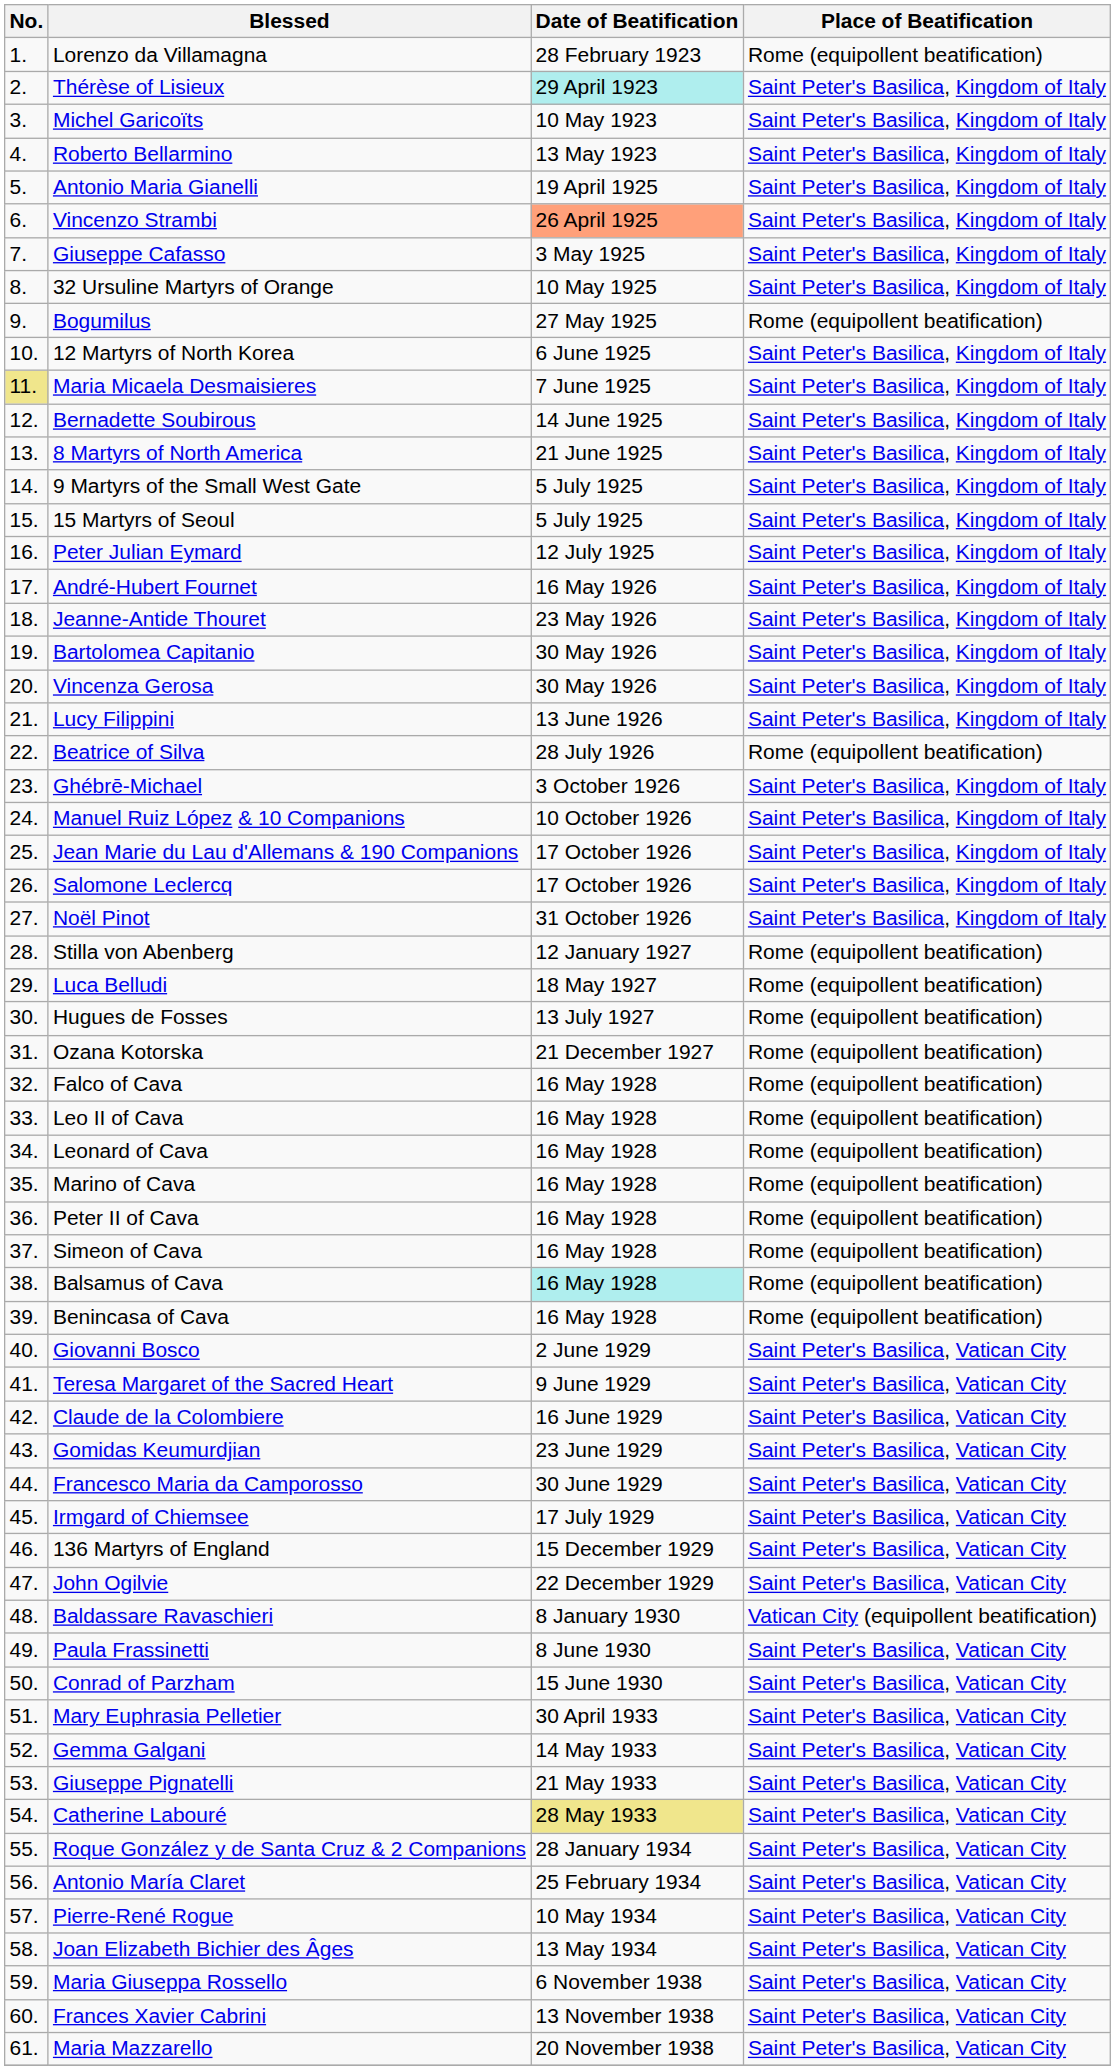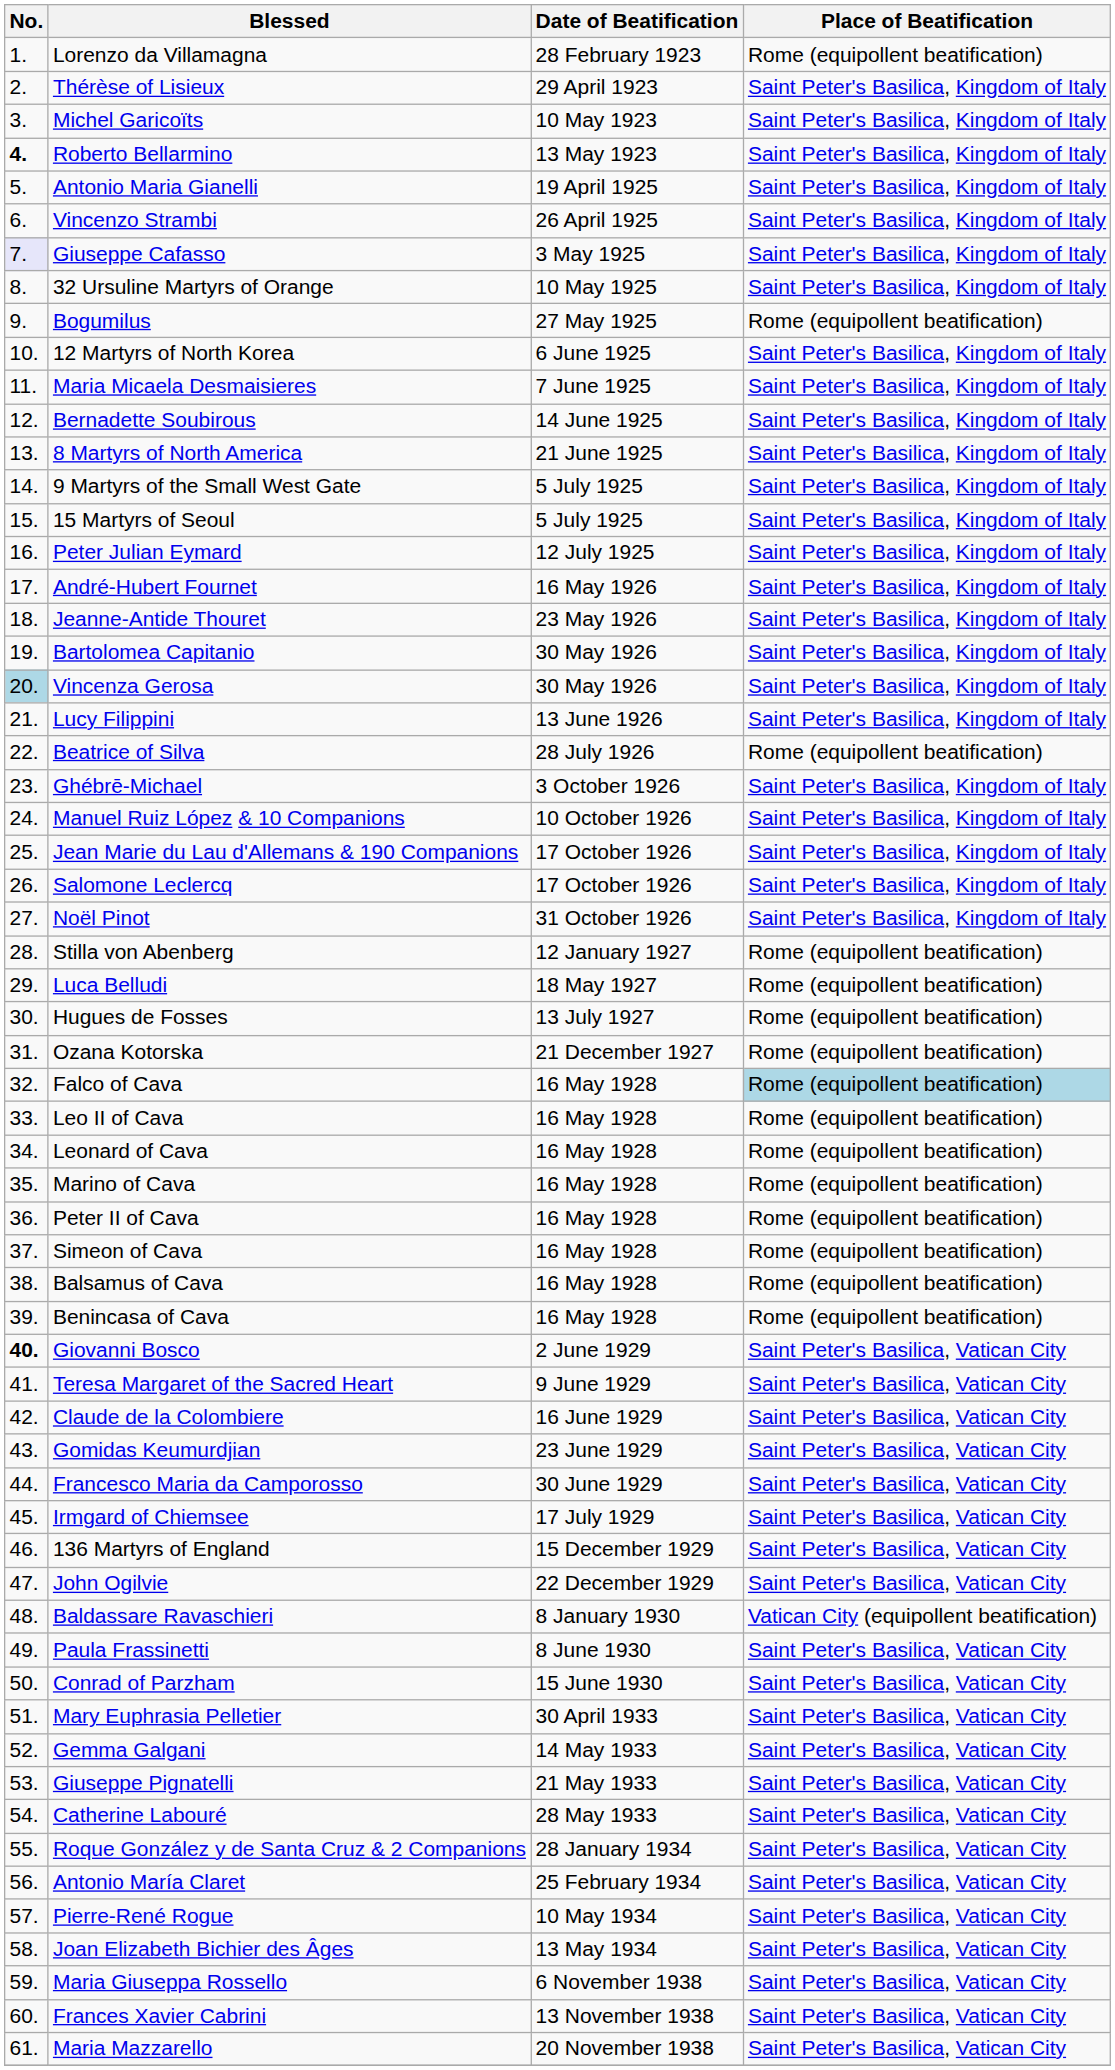 <table class="wikitable">
 <tr>
 <th>No.</th>
 <th>Blessed</th>
 <th>Date of Beatification</th>
 <th>Place of Beatification</th>
 </tr>
 <tr>
 <td>1.</td>
 <td>Lorenzo da Villamagna</td>
 <td>28 February 1923</td>
 <td>Rome (equipollent beatification)</td>
 </tr>
 <tr>
 <td>2.</td>
 <td><a href='#'>Thérèse of Lisieux</a></td>
-<td style="background: paleturquoise;">29 April 1923</td>
+<td>29 April 1923</td>
 <td><a href='#'>Saint Peter's Basilica</a>, <a href='#'>Kingdom of Italy</a></td>
 </tr>
 <tr>
 <td>3.</td>
 <td><a href='#'>Michel Garicoïts</a></td>
 <td>10 May 1923</td>
 <td><a href='#'>Saint Peter's Basilica</a>, <a href='#'>Kingdom of Italy</a></td>
 </tr>
 <tr>
-<td>4.</td>
+<td><strong>4.</strong></td>
 <td><a href='#'>Roberto Bellarmino</a></td>
 <td>13 May 1923</td>
 <td><a href='#'>Saint Peter's Basilica</a>, <a href='#'>Kingdom of Italy</a></td>
 </tr>
 <tr>
 <td>5.</td>
 <td><a href='#'>Antonio Maria Gianelli</a></td>
 <td>19 April 1925</td>
 <td><a href='#'>Saint Peter's Basilica</a>, <a href='#'>Kingdom of Italy</a></td>
 </tr>
 <tr>
 <td>6.</td>
 <td><a href='#'>Vincenzo Strambi</a></td>
-<td style="background: lightsalmon;">26 April 1925</td>
+<td>26 April 1925</td>
 <td><a href='#'>Saint Peter's Basilica</a>, <a href='#'>Kingdom of Italy</a></td>
 </tr>
 <tr>
-<td>7.</td>
+<td style="background: lavender;">7.</td>
 <td><a href='#'>Giuseppe Cafasso</a></td>
 <td>3 May 1925</td>
 <td><a href='#'>Saint Peter's Basilica</a>, <a href='#'>Kingdom of Italy</a></td>
 </tr>
 <tr>
 <td>8.</td>
 <td>32 Ursuline Martyrs of Orange</td>
 <td>10 May 1925</td>
 <td><a href='#'>Saint Peter's Basilica</a>, <a href='#'>Kingdom of Italy</a></td>
 </tr>
 <tr>
 <td>9.</td>
 <td><a href='#'>Bogumilus</a></td>
 <td>27 May 1925</td>
 <td>Rome (equipollent beatification)</td>
 </tr>
 <tr>
 <td>10.</td>
 <td>12 Martyrs of North Korea</td>
 <td>6 June 1925</td>
 <td><a href='#'>Saint Peter's Basilica</a>, <a href='#'>Kingdom of Italy</a></td>
 </tr>
 <tr>
-<td style="background: khaki;">11.</td>
+<td>11.</td>
 <td><a href='#'>Maria Micaela Desmaisieres</a></td>
 <td>7 June 1925</td>
 <td><a href='#'>Saint Peter's Basilica</a>, <a href='#'>Kingdom of Italy</a></td>
 </tr>
 <tr>
 <td>12.</td>
 <td><a href='#'>Bernadette Soubirous</a></td>
 <td>14 June 1925</td>
 <td><a href='#'>Saint Peter's Basilica</a>, <a href='#'>Kingdom of Italy</a></td>
 </tr>
 <tr>
 <td>13.</td>
 <td><a href='#'>8 Martyrs of North America</a></td>
 <td>21 June 1925</td>
 <td><a href='#'>Saint Peter's Basilica</a>, <a href='#'>Kingdom of Italy</a></td>
 </tr>
 <tr>
 <td>14.</td>
 <td>9 Martyrs of the Small West Gate</td>
 <td>5 July 1925</td>
 <td><a href='#'>Saint Peter's Basilica</a>, <a href='#'>Kingdom of Italy</a></td>
 </tr>
 <tr>
 <td>15.</td>
 <td>15 Martyrs of Seoul</td>
 <td>5 July 1925</td>
 <td><a href='#'>Saint Peter's Basilica</a>, <a href='#'>Kingdom of Italy</a></td>
 </tr>
 <tr>
 <td>16.</td>
 <td><a href='#'>Peter Julian Eymard</a></td>
 <td>12 July 1925</td>
 <td><a href='#'>Saint Peter's Basilica</a>, <a href='#'>Kingdom of Italy</a></td>
 </tr>
 <tr>
 <td>17.</td>
 <td><a href='#'>André-Hubert Fournet</a></td>
 <td>16 May 1926</td>
 <td><a href='#'>Saint Peter's Basilica</a>, <a href='#'>Kingdom of Italy</a></td>
 </tr>
 <tr>
 <td>18.</td>
 <td><a href='#'>Jeanne-Antide Thouret</a></td>
 <td>23 May 1926</td>
 <td><a href='#'>Saint Peter's Basilica</a>, <a href='#'>Kingdom of Italy</a></td>
 </tr>
 <tr>
 <td>19.</td>
 <td><a href='#'>Bartolomea Capitanio</a></td>
 <td>30 May 1926</td>
 <td><a href='#'>Saint Peter's Basilica</a>, <a href='#'>Kingdom of Italy</a></td>
 </tr>
 <tr>
-<td>20.</td>
+<td style="background: lightblue;">20.</td>
 <td><a href='#'>Vincenza Gerosa</a></td>
 <td>30 May 1926</td>
 <td><a href='#'>Saint Peter's Basilica</a>, <a href='#'>Kingdom of Italy</a></td>
 </tr>
 <tr>
 <td>21.</td>
 <td><a href='#'>Lucy Filippini</a></td>
 <td>13 June 1926</td>
 <td><a href='#'>Saint Peter's Basilica</a>, <a href='#'>Kingdom of Italy</a></td>
 </tr>
 <tr>
 <td>22.</td>
 <td><a href='#'>Beatrice of Silva</a></td>
 <td>28 July 1926</td>
 <td>Rome (equipollent beatification)</td>
 </tr>
 <tr>
 <td>23.</td>
 <td><a href='#'>Ghébrē-Michael</a></td>
 <td>3 October 1926</td>
 <td><a href='#'>Saint Peter's Basilica</a>, <a href='#'>Kingdom of Italy</a></td>
 </tr>
 <tr>
 <td>24.</td>
 <td><a href='#'>Manuel Ruiz López</a> <a href='#'>& 10 Companions</a></td>
 <td>10 October 1926</td>
 <td><a href='#'>Saint Peter's Basilica</a>, <a href='#'>Kingdom of Italy</a></td>
 </tr>
 <tr>
 <td>25.</td>
 <td><a href='#'>Jean Marie du Lau d'Allemans & 190 Companions</a></td>
 <td>17 October 1926</td>
 <td><a href='#'>Saint Peter's Basilica</a>, <a href='#'>Kingdom of Italy</a></td>
 </tr>
 <tr>
 <td>26.</td>
 <td><a href='#'>Salomone Leclercq</a></td>
 <td>17 October 1926</td>
 <td><a href='#'>Saint Peter's Basilica</a>, <a href='#'>Kingdom of Italy</a></td>
 </tr>
 <tr>
 <td>27.</td>
 <td><a href='#'>Noël Pinot</a></td>
 <td>31 October 1926</td>
 <td><a href='#'>Saint Peter's Basilica</a>, <a href='#'>Kingdom of Italy</a></td>
 </tr>
 <tr>
 <td>28.</td>
 <td>Stilla von Abenberg</td>
 <td>12 January 1927</td>
 <td>Rome (equipollent beatification)</td>
 </tr>
 <tr>
 <td>29.</td>
 <td><a href='#'>Luca Belludi</a></td>
 <td>18 May 1927</td>
 <td>Rome (equipollent beatification)</td>
 </tr>
 <tr>
 <td>30.</td>
 <td>Hugues de Fosses</td>
 <td>13 July 1927</td>
 <td>Rome (equipollent beatification)</td>
 </tr>
 <tr>
 <td>31.</td>
 <td>Ozana Kotorska</td>
 <td>21 December 1927</td>
 <td>Rome (equipollent beatification)</td>
 </tr>
 <tr>
 <td>32.</td>
 <td>Falco of Cava</td>
 <td>16 May 1928</td>
-<td>Rome (equipollent beatification)</td>
+<td style="background: lightblue;">Rome (equipollent beatification)</td>
 </tr>
 <tr>
 <td>33.</td>
 <td>Leo II of Cava</td>
 <td>16 May 1928</td>
 <td>Rome (equipollent beatification)</td>
 </tr>
 <tr>
 <td>34.</td>
 <td>Leonard of Cava</td>
 <td>16 May 1928</td>
 <td>Rome (equipollent beatification)</td>
 </tr>
 <tr>
 <td>35.</td>
 <td>Marino of Cava</td>
 <td>16 May 1928</td>
 <td>Rome (equipollent beatification)</td>
 </tr>
 <tr>
 <td>36.</td>
 <td>Peter II of Cava</td>
 <td>16 May 1928</td>
 <td>Rome (equipollent beatification)</td>
 </tr>
 <tr>
 <td>37.</td>
 <td>Simeon of Cava</td>
 <td>16 May 1928</td>
 <td>Rome (equipollent beatification)</td>
 </tr>
 <tr>
 <td>38.</td>
 <td>Balsamus of Cava</td>
-<td style="background: paleturquoise;">16 May 1928</td>
+<td>16 May 1928</td>
 <td>Rome (equipollent beatification)</td>
 </tr>
 <tr>
 <td>39.</td>
 <td>Benincasa of Cava</td>
 <td>16 May 1928</td>
 <td>Rome (equipollent beatification)</td>
 </tr>
 <tr>
-<td>40.</td>
+<td><strong>40.</strong></td>
 <td><a href='#'>Giovanni Bosco</a></td>
 <td>2 June 1929</td>
 <td><a href='#'>Saint Peter's Basilica</a>, <a href='#'>Vatican City</a></td>
 </tr>
 <tr>
 <td>41.</td>
 <td><a href='#'>Teresa Margaret of the Sacred Heart</a></td>
 <td>9 June 1929</td>
 <td><a href='#'>Saint Peter's Basilica</a>, <a href='#'>Vatican City</a></td>
 </tr>
 <tr>
 <td>42.</td>
 <td><a href='#'>Claude de la Colombiere</a></td>
 <td>16 June 1929</td>
 <td><a href='#'>Saint Peter's Basilica</a>, <a href='#'>Vatican City</a></td>
 </tr>
 <tr>
 <td>43.</td>
 <td><a href='#'>Gomidas Keumurdjian</a></td>
 <td>23 June 1929</td>
 <td><a href='#'>Saint Peter's Basilica</a>, <a href='#'>Vatican City</a></td>
 </tr>
 <tr>
 <td>44.</td>
 <td><a href='#'>Francesco Maria da Camporosso</a></td>
 <td>30 June 1929</td>
 <td><a href='#'>Saint Peter's Basilica</a>, <a href='#'>Vatican City</a></td>
 </tr>
 <tr>
 <td>45.</td>
 <td><a href='#'>Irmgard of Chiemsee</a></td>
 <td>17 July 1929</td>
 <td><a href='#'>Saint Peter's Basilica</a>, <a href='#'>Vatican City</a></td>
 </tr>
 <tr>
 <td>46.</td>
 <td>136 Martyrs of England</td>
 <td>15 December 1929</td>
 <td><a href='#'>Saint Peter's Basilica</a>, <a href='#'>Vatican City</a></td>
 </tr>
 <tr>
 <td>47.</td>
 <td><a href='#'>John Ogilvie</a></td>
 <td>22 December 1929</td>
 <td><a href='#'>Saint Peter's Basilica</a>, <a href='#'>Vatican City</a></td>
 </tr>
 <tr>
 <td>48.</td>
 <td><a href='#'>Baldassare Ravaschieri</a></td>
 <td>8 January 1930</td>
 <td><a href='#'>Vatican City</a> (equipollent beatification)</td>
 </tr>
 <tr>
 <td>49.</td>
 <td><a href='#'>Paula Frassinetti</a></td>
 <td>8 June 1930</td>
 <td><a href='#'>Saint Peter's Basilica</a>, <a href='#'>Vatican City</a></td>
 </tr>
 <tr>
 <td>50.</td>
 <td><a href='#'>Conrad of Parzham</a></td>
 <td>15 June 1930</td>
 <td><a href='#'>Saint Peter's Basilica</a>, <a href='#'>Vatican City</a></td>
 </tr>
 <tr>
 <td>51.</td>
 <td><a href='#'>Mary Euphrasia Pelletier</a></td>
 <td>30 April 1933</td>
 <td><a href='#'>Saint Peter's Basilica</a>, <a href='#'>Vatican City</a></td>
 </tr>
 <tr>
 <td>52.</td>
 <td><a href='#'>Gemma Galgani</a></td>
 <td>14 May 1933</td>
 <td><a href='#'>Saint Peter's Basilica</a>, <a href='#'>Vatican City</a></td>
 </tr>
 <tr>
 <td>53.</td>
 <td><a href='#'>Giuseppe Pignatelli</a></td>
 <td>21 May 1933</td>
 <td><a href='#'>Saint Peter's Basilica</a>, <a href='#'>Vatican City</a></td>
 </tr>
 <tr>
 <td>54.</td>
 <td><a href='#'>Catherine Labouré</a></td>
-<td style="background: khaki;">28 May 1933</td>
+<td>28 May 1933</td>
 <td><a href='#'>Saint Peter's Basilica</a>, <a href='#'>Vatican City</a></td>
 </tr>
 <tr>
 <td>55.</td>
 <td><a href='#'>Roque González y de Santa Cruz & 2 Companions</a></td>
 <td>28 January 1934</td>
 <td><a href='#'>Saint Peter's Basilica</a>, <a href='#'>Vatican City</a></td>
 </tr>
 <tr>
 <td>56.</td>
 <td><a href='#'>Antonio María Claret</a></td>
 <td>25 February 1934</td>
 <td><a href='#'>Saint Peter's Basilica</a>, <a href='#'>Vatican City</a></td>
 </tr>
 <tr>
 <td>57.</td>
 <td><a href='#'>Pierre-René Rogue</a></td>
 <td>10 May 1934</td>
 <td><a href='#'>Saint Peter's Basilica</a>, <a href='#'>Vatican City</a></td>
 </tr>
 <tr>
 <td>58.</td>
 <td><a href='#'>Joan Elizabeth Bichier des Âges</a></td>
 <td>13 May 1934</td>
 <td><a href='#'>Saint Peter's Basilica</a>, <a href='#'>Vatican City</a></td>
 </tr>
 <tr>
 <td>59.</td>
 <td><a href='#'>Maria Giuseppa Rossello</a></td>
 <td>6 November 1938</td>
 <td><a href='#'>Saint Peter's Basilica</a>, <a href='#'>Vatican City</a></td>
 </tr>
 <tr>
 <td>60.</td>
 <td><a href='#'>Frances Xavier Cabrini</a></td>
 <td>13 November 1938</td>
 <td><a href='#'>Saint Peter's Basilica</a>, <a href='#'>Vatican City</a></td>
 </tr>
 <tr>
 <td>61.</td>
 <td><a href='#'>Maria Mazzarello</a></td>
 <td>20 November 1938</td>
 <td><a href='#'>Saint Peter's Basilica</a>, <a href='#'>Vatican City</a></td>
 </tr>
 <tr>
 </tr>
 </table>
